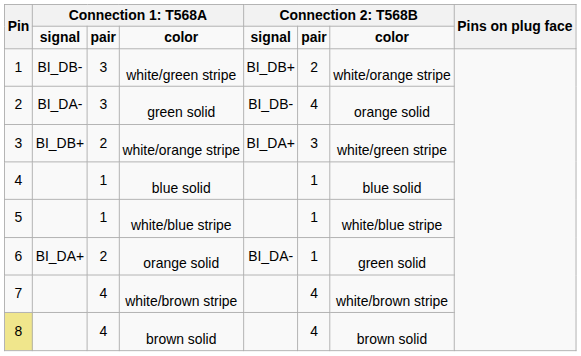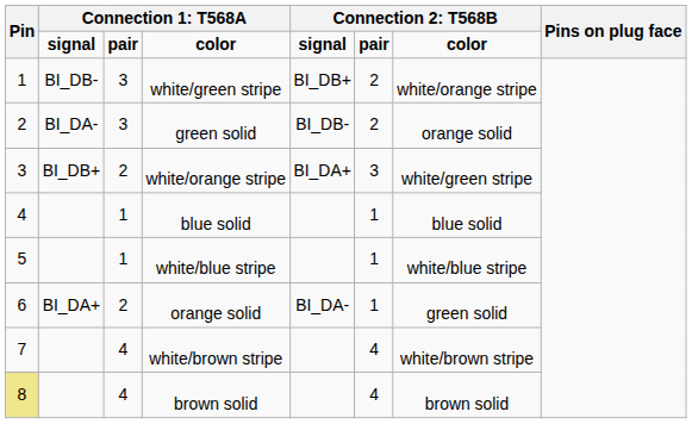 <table class="wikitable" style="text-align:center">
 <tr>
 <th rowspan="2">Pin</th>
 <th colspan="3">Connection 1: T568A<br></th>
 <th colspan="3">Connection 2: T568B<br></th>
 <th rowspan="2">Pins on plug face</th>
 </tr>
 <tr>
 <td><strong>signal</strong></td>
 <td><strong>pair</strong></td>
 <td><strong>color</strong></td>
 <td><strong>signal</strong></td>
 <td><strong>pair</strong></td>
 <td><strong>color</strong></td>
 </tr>
 <tr>
 <td>1</td>
 <td>BI_DB-</td>
 <td>3</td>
 <td><br>white/green stripe</td>
 <td>BI_DB+</td>
 <td>2</td>
 <td><br>white/orange stripe</td>
 <td rowspan="8"></td>
 </tr>
 <tr>
 <td>2</td>
 <td>BI_DA-</td>
 <td>3</td>
 <td><br>green solid</td>
 <td>BI_DB-</td>
-<td>4</td>
+<td>2</td>
 <td><br>orange solid</td>
 </tr>
 <tr>
 <td>3</td>
 <td>BI_DB+</td>
 <td>2</td>
 <td><br>white/orange stripe</td>
 <td>BI_DA+</td>
 <td>3</td>
 <td><br>white/green stripe</td>
 </tr>
 <tr>
 <td>4</td>
 <td></td>
 <td>1</td>
 <td><br>blue solid</td>
 <td></td>
 <td>1</td>
 <td><br>blue solid</td>
 </tr>
 <tr>
 <td>5</td>
 <td></td>
 <td>1</td>
 <td><br>white/blue stripe</td>
 <td></td>
 <td>1</td>
 <td><br>white/blue stripe</td>
 </tr>
 <tr>
 <td>6</td>
 <td>BI_DA+</td>
 <td>2</td>
 <td><br>orange solid</td>
 <td>BI_DA-</td>
 <td>1</td>
 <td><br>green solid</td>
 </tr>
 <tr>
 <td>7</td>
 <td></td>
 <td>4</td>
 <td><br>white/brown stripe</td>
 <td></td>
 <td>4</td>
 <td><br>white/brown stripe</td>
 </tr>
 <tr>
 <td style="background: khaki;">8</td>
 <td></td>
 <td>4</td>
 <td><br>brown solid</td>
 <td></td>
 <td>4</td>
 <td><br>brown solid</td>
 </tr>
 </table>
